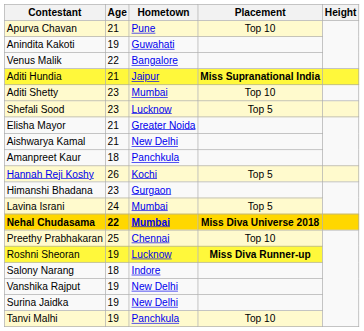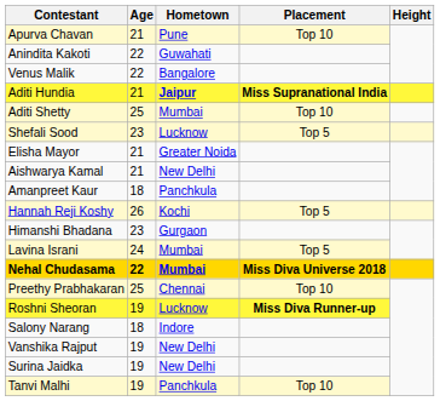 <table class="wikitable sortable" style="font-size:95%;">
 <tr>
 <th scope="col">Contestant</th>
 <th scope="col">Age</th>
 <th scope="col">Hometown</th>
 <th scope="col">Placement</th>
 <th scope="col">Height</th>
 </tr>
 <tr style="background-color:#FFFACD">
 <td>Apurva Chavan</td>
 <td>21</td>
 <td><a href='#'>Pune</a></td>
 <td align="center">Top 10</td>
 </tr>
 <tr>
 <td>Anindita Kakoti</td>
-<td>19</td>
+<td>22</td>
 <td><a href='#'>Guwahati</a></td>
 <td></td>
 </tr>
 <tr>
 <td>Venus Malik</td>
 <td>22</td>
 <td><a href='#'>Bangalore</a></td>
 <td></td>
 </tr>
 <tr style="background-color:#FFF83B;">
 <td>Aditi Hundia</td>
 <td>21</td>
-<td><a href='#'>Jaipur</a></td>
+<td><strong><a href='#'>Jaipur</a></strong></td>
 <td align="center"><strong>Miss Supranational India</strong></td>
 <td></td>
 </tr>
 <tr style="background-color:#FFFACD">
 <td>Aditi Shetty</td>
-<td>23</td>
+<td>25</td>
 <td><a href='#'>Mumbai</a></td>
 <td align="center">Top 10</td>
 </tr>
 <tr style="background-color:#FFFACD">
 <td>Shefali Sood</td>
 <td>23</td>
 <td><a href='#'>Lucknow</a></td>
 <td align="center">Top 5</td>
 <td></td>
 </tr>
 <tr>
 <td>Elisha Mayor</td>
 <td>21</td>
 <td><a href='#'>Greater Noida</a></td>
 <td></td>
 </tr>
 <tr>
 <td>Aishwarya Kamal</td>
 <td>21</td>
 <td><a href='#'>New Delhi</a></td>
 <td></td>
 </tr>
 <tr>
 <td>Amanpreet Kaur</td>
 <td>18</td>
 <td><a href='#'>Panchkula</a></td>
 <td></td>
 </tr>
 <tr style="background-color:#FFFACD">
 <td><a href='#'>Hannah Reji Koshy</a></td>
 <td>26</td>
 <td><a href='#'>Kochi</a></td>
 <td align="center">Top 5</td>
 <td></td>
 </tr>
 <tr>
 <td>Himanshi Bhadana</td>
 <td>23</td>
 <td><a href='#'>Gurgaon</a></td>
 <td></td>
 </tr>
 <tr style="background-color:#FFFACD">
 <td>Lavina Israni</td>
 <td>24</td>
 <td><a href='#'>Mumbai</a></td>
 <td align="center">Top 5</td>
 </tr>
 <tr style="background-color:gold">
 <td><strong>Nehal Chudasama</strong></td>
 <td><strong>22</strong></td>
 <td><strong><a href='#'>Mumbai</a></strong></td>
 <td align="center"><strong>Miss Diva Universe 2018</strong></td>
 <td></td>
 </tr>
 <tr style="background-color:#FFFACD">
 <td>Preethy Prabhakaran</td>
 <td>25</td>
 <td><a href='#'>Chennai</a></td>
 <td align="center">Top 10</td>
 </tr>
 <tr style="background-color:#FFF83B;">
 <td>Roshni Sheoran</td>
 <td>19</td>
 <td><a href='#'>Lucknow</a></td>
 <td align="center"><strong>Miss Diva Runner-up</strong></td>
 </tr>
 <tr>
 <td>Salony Narang</td>
 <td>18</td>
 <td><a href='#'>Indore</a></td>
 <td></td>
 </tr>
 <tr>
 <td>Vanshika Rajput</td>
 <td>19</td>
 <td><a href='#'>New Delhi</a></td>
 <td></td>
 </tr>
 <tr>
 <td>Surina Jaidka</td>
 <td>19</td>
 <td><a href='#'>New Delhi</a></td>
 <td></td>
 </tr>
 <tr style="background-color:#FFFACD">
 <td>Tanvi Malhi</td>
 <td>19</td>
 <td><a href='#'>Panchkula</a></td>
 <td align="center">Top 10</td>
 </tr>
 </table>
